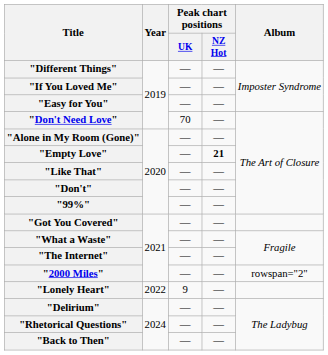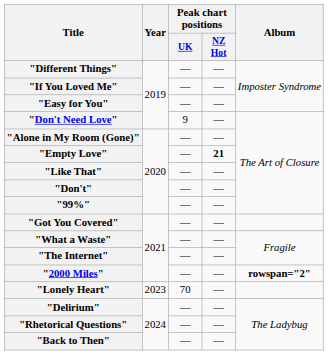 <table class="wikitable plainrowheaders" style="text-align:center;">
 <tr>
 <th scope="col" rowspan="2">Title</th>
 <th scope="col" rowspan="2">Year</th>
 <th colspan="2">Peak chart positions</th>
 <th scope="col" rowspan="2">Album</th>
 </tr>
 <tr>
 <th scope="col" style="width:3em;font-size:90%;"><a href='#'>UK</a><br></th>
 <th scope="col" style="width:3em;font-size:90%;"><a href='#'>NZ<br>Hot</a><br></th>
 </tr>
 <tr>
 <th scope="row">"Different Things"</th>
 <td rowspan="4">2019</td>
 <td>—</td>
 <td>—</td>
 <td rowspan="3"><em>Imposter Syndrome</em></td>
 </tr>
 <tr>
 <th scope="row">"If You Loved Me"</th>
 <td>—</td>
 <td>—</td>
 </tr>
 <tr>
 <th scope="row">"Easy for You"</th>
 <td>—</td>
 <td>—</td>
 </tr>
 <tr>
 <th scope="row">"<a href='#'>Don't Need Love</a>" <br></th>
-<td>70</td>
+<td>9</td>
 <td>—</td>
 <td rowspan="6"><em>The Art of Closure</em></td>
 </tr>
 <tr>
 <th scope="row">"Alone in My Room (Gone)"</th>
 <td rowspan="5">2020</td>
 <td>—</td>
 <td>—</td>
 </tr>
 <tr>
 <th scope="row">"Empty Love"<br></th>
 <td>—</td>
 <td><strong>21</strong></td>
 </tr>
 <tr>
 <th scope="row">"Like That"<br></th>
 <td>—</td>
 <td>—</td>
 </tr>
 <tr>
 <th scope="row">"Don't"</th>
 <td>—</td>
 <td>—</td>
 </tr>
 <tr>
 <th scope="row">"99%"</th>
 <td>—</td>
 <td>—</td>
 </tr>
 <tr>
 <th scope="row">"Got You Covered"<br></th>
 <td rowspan="4">2021</td>
 <td>—</td>
 <td>—</td>
 <td></td>
 </tr>
 <tr>
 <th scope="row">"What a Waste"</th>
 <td>—</td>
 <td>—</td>
 <td rowspan="2"><em>Fragile</em></td>
 </tr>
 <tr>
 <th scope="row">"The Internet"</th>
 <td>—</td>
 <td>—</td>
 </tr>
 <tr>
 <th scope="row">"<a href='#'>2000 Miles</a>"</th>
 <td>—</td>
 <td>—</td>
-<td>rowspan="2" </td>
+<td><strong>rowspan="2" </strong></td>
 </tr>
 <tr>
 <th scope="row">"Lonely Heart"<br></th>
-<td>2022</td>
-<td>9</td>
+<td>2023</td>
+<td>70</td>
 <td>—</td>
 </tr>
 <tr>
 <th scope="row">"Delirium"</th>
 <td rowspan="3">2024</td>
 <td>—</td>
 <td>—</td>
 <td rowspan="3"><em>The Ladybug</em></td>
 </tr>
 <tr>
 <th scope="row">"Rhetorical Questions"</th>
 <td>—</td>
 <td>—</td>
 </tr>
 <tr>
 <th scope="row">"Back to Then"</th>
 <td>—</td>
 <td>—</td>
 </tr>
 </table>
